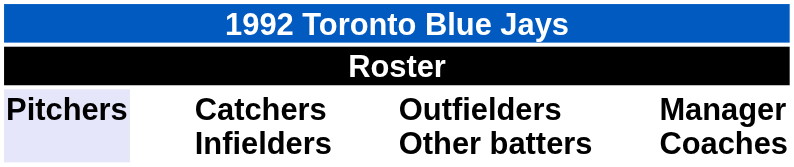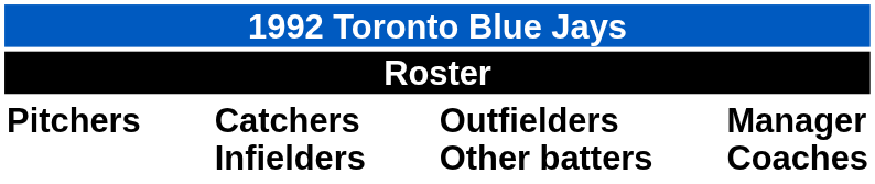 <table class="toccolours" style="font-size: 95%;">
 <tr http://upload.wikimedia.org/wikipedia/en/c/c8/Button_redirect.png>
 <th colspan="10" style="background-color: #005ac0; color: #FFFFFF; text-align: center;">1992 Toronto Blue Jays</th>
 </tr>
 <tr>
 <td colspan="10" style="background-color: black; color: white; text-align: center;"><strong>Roster</strong></td>
 </tr>
 <tr>
-<td valign="top" style="background: lavender;"><strong>Pitchers</strong><br>                </td>
+<td valign="top"><strong>Pitchers</strong><br>                </td>
 <td width="25px"></td>
 <td valign="top"><strong>Catchers</strong><br>    <strong>Infielders</strong>           </td>
 <td width="25px"></td>
 <td valign="top"><strong>Outfielders</strong><br>       <strong>Other batters</strong> </td>
 <td width="25px"></td>
 <td valign="top"><strong>Manager</strong><br> <strong>Coaches</strong>      </td>
 </tr>
 </table>
